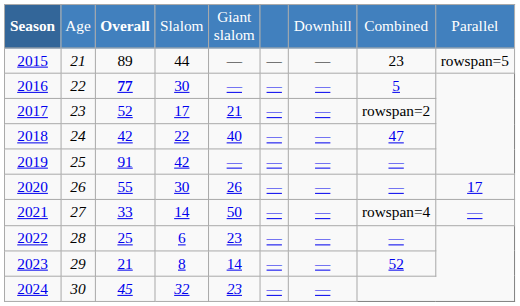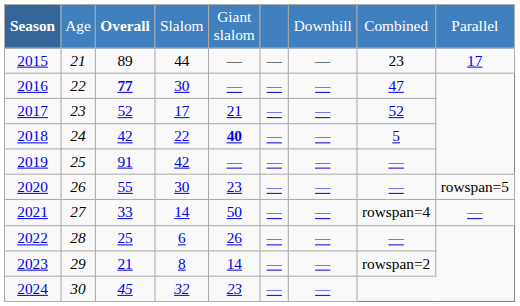 <table class="wikitable"  style="font-size:95%; text-align:center; border:gray solid 1px; width:40%;">
 <tr style="background:#369; color:white;">
 <td rowspan="2" style="width:6%;"><strong>Season</strong></td>
 </tr>
 <tr style="background:#4180be; color:white;">
 <td style="width:3%;">Age</td>
 <td style="width:5%;"><strong>Overall</strong></td>
 <td style="width:5%;">Slalom</td>
 <td style="width:5%;">Giant<br>slalom</td>
 <td style="width:5%;"></td>
 <td style="width:5%;">Downhill</td>
 <td style="width:5%;">Combined</td>
 <td style="width:5%;">Parallel</td>
 </tr>
 <tr>
 <td><a href='#'>2015</a></td>
 <td><em>21</em></td>
 <td>89</td>
 <td>44</td>
 <td>—</td>
 <td>—</td>
 <td>—</td>
 <td>23</td>
-<td>rowspan=5 </td>
+<td><a href='#'>17</a></td>
 </tr>
 <tr>
 <td><a href='#'>2016</a></td>
 <td><em>22</em></td>
 <td><strong><a href='#'>77</a></strong></td>
 <td><a href='#'>30</a></td>
 <td><a href='#'>—</a></td>
 <td><a href='#'>—</a></td>
 <td><a href='#'>—</a></td>
-<td><a href='#'>5</a></td>
+<td><a href='#'>47</a></td>
 </tr>
 <tr>
 <td><a href='#'>2017</a></td>
 <td><em>23</em></td>
 <td><a href='#'>52</a></td>
 <td><a href='#'>17</a></td>
 <td><a href='#'>21</a></td>
 <td><a href='#'>—</a></td>
 <td><a href='#'>—</a></td>
-<td>rowspan=2 </td>
+<td><a href='#'>52</a></td>
 </tr>
 <tr>
 <td><a href='#'>2018</a></td>
 <td><em>24</em></td>
 <td><a href='#'>42</a></td>
 <td><a href='#'>22</a></td>
-<td><a href='#'>40</a></td>
+<td><strong><a href='#'>40</a></strong></td>
 <td><a href='#'>—</a></td>
 <td><a href='#'>—</a></td>
-<td><a href='#'>47</a></td>
+<td><a href='#'>5</a></td>
 </tr>
 <tr>
 <td><a href='#'>2019</a></td>
 <td><em>25</em></td>
 <td><a href='#'>91</a></td>
 <td><a href='#'>42</a></td>
 <td><a href='#'>—</a></td>
 <td><a href='#'>—</a></td>
 <td><a href='#'>—</a></td>
 <td><a href='#'>—</a></td>
 </tr>
 <tr>
 <td><a href='#'>2020</a></td>
 <td><em>26</em></td>
 <td><a href='#'>55</a></td>
 <td><a href='#'>30</a></td>
-<td><a href='#'>26</a></td>
+<td><a href='#'>23</a></td>
 <td><a href='#'>—</a></td>
 <td><a href='#'>—</a></td>
 <td><a href='#'>—</a></td>
-<td><a href='#'>17</a></td>
+<td>rowspan=5 </td>
 </tr>
 <tr>
 <td><a href='#'>2021</a></td>
 <td><em>27</em></td>
 <td><a href='#'>33</a></td>
 <td><a href='#'>14</a></td>
 <td><a href='#'>50</a></td>
 <td><a href='#'>—</a></td>
 <td><a href='#'>—</a></td>
 <td>rowspan=4 </td>
 <td><a href='#'>—</a></td>
 </tr>
 <tr>
 <td><a href='#'>2022</a></td>
 <td><em>28</em></td>
 <td><a href='#'>25</a></td>
 <td><a href='#'>6</a></td>
-<td><a href='#'>23</a></td>
+<td><a href='#'>26</a></td>
 <td><a href='#'>—</a></td>
 <td><a href='#'>—</a></td>
 <td><a href='#'>—</a></td>
 </tr>
 <tr>
 <td><a href='#'>2023</a></td>
 <td><em>29</em></td>
 <td><a href='#'>21</a></td>
 <td><a href='#'>8</a></td>
 <td><a href='#'>14</a></td>
 <td><a href='#'>—</a></td>
 <td><a href='#'>—</a></td>
-<td><a href='#'>52</a></td>
+<td>rowspan=2 </td>
 </tr>
 <tr>
 <td><a href='#'>2024</a></td>
 <td><em>30</em></td>
 <td><a href='#'><em>45</em></a></td>
 <td><a href='#'><em>32</em></a></td>
 <td><a href='#'><em>23</em></a></td>
 <td><a href='#'>—</a></td>
 <td><a href='#'>—</a></td>
 </tr>
 </table>
